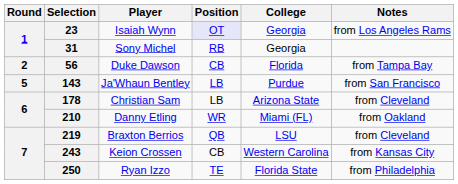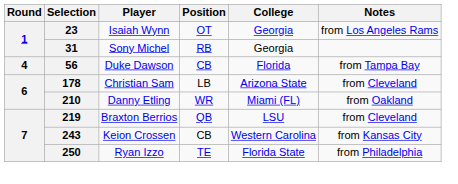 <table class="wikitable" style="text-align:center">
 <tr>
 <th>Round</th>
 <th>Selection</th>
 <th>Player</th>
 <th>Position</th>
 <th>College</th>
 <th>Notes</th>
 </tr>
 <tr>
 <th rowspan="2"><a href='#'>1</a></th>
 <th>23</th>
 <td><a href='#'>Isaiah Wynn</a></td>
-<td style="background: lavender;"><a href='#'>OT</a></td>
+<td><a href='#'>OT</a></td>
 <td><a href='#'>Georgia</a></td>
 <td>from <a href='#'>Los Angeles Rams</a></td>
 </tr>
 <tr>
 <th>31</th>
 <td><a href='#'>Sony Michel</a></td>
 <td><a href='#'>RB</a></td>
 <td>Georgia</td>
 <td></td>
 </tr>
 <tr>
-<th>2</th>
+<th>4</th>
 <th>56</th>
 <td><a href='#'>Duke Dawson</a></td>
 <td><a href='#'>CB</a></td>
 <td><a href='#'>Florida</a></td>
 <td>from <a href='#'>Tampa Bay</a></td>
-</tr>
-<tr>
-<th>5</th>
-<th>143</th>
-<td><a href='#'>Ja'Whaun Bentley</a></td>
-<td><a href='#'>LB</a></td>
-<td><a href='#'>Purdue</a></td>
-<td>from <a href='#'>San Francisco</a></td>
 </tr>
 <tr>
 <th rowspan="2">6</th>
 <th>178</th>
 <td><a href='#'>Christian Sam</a></td>
 <td>LB</td>
 <td><a href='#'>Arizona State</a></td>
 <td>from <a href='#'>Cleveland</a></td>
 </tr>
 <tr>
 <th>210</th>
 <td><a href='#'>Danny Etling</a></td>
 <td><a href='#'>WR</a></td>
 <td><a href='#'>Miami (FL)</a></td>
 <td>from <a href='#'>Oakland</a></td>
 </tr>
 <tr>
 <th rowspan="3">7</th>
 <th>219</th>
 <td><a href='#'>Braxton Berrios</a></td>
 <td><a href='#'>QB</a></td>
 <td><a href='#'>LSU</a></td>
 <td>from <a href='#'>Cleveland</a></td>
 </tr>
 <tr>
 <th>243</th>
 <td><a href='#'>Keion Crossen</a></td>
 <td>CB</td>
 <td><a href='#'>Western Carolina</a></td>
 <td>from <a href='#'>Kansas City</a></td>
 </tr>
 <tr>
 <th>250</th>
 <td><a href='#'>Ryan Izzo</a></td>
 <td><a href='#'>TE</a></td>
 <td><a href='#'>Florida State</a></td>
 <td>from <a href='#'>Philadelphia</a></td>
 </tr>
 </table>
